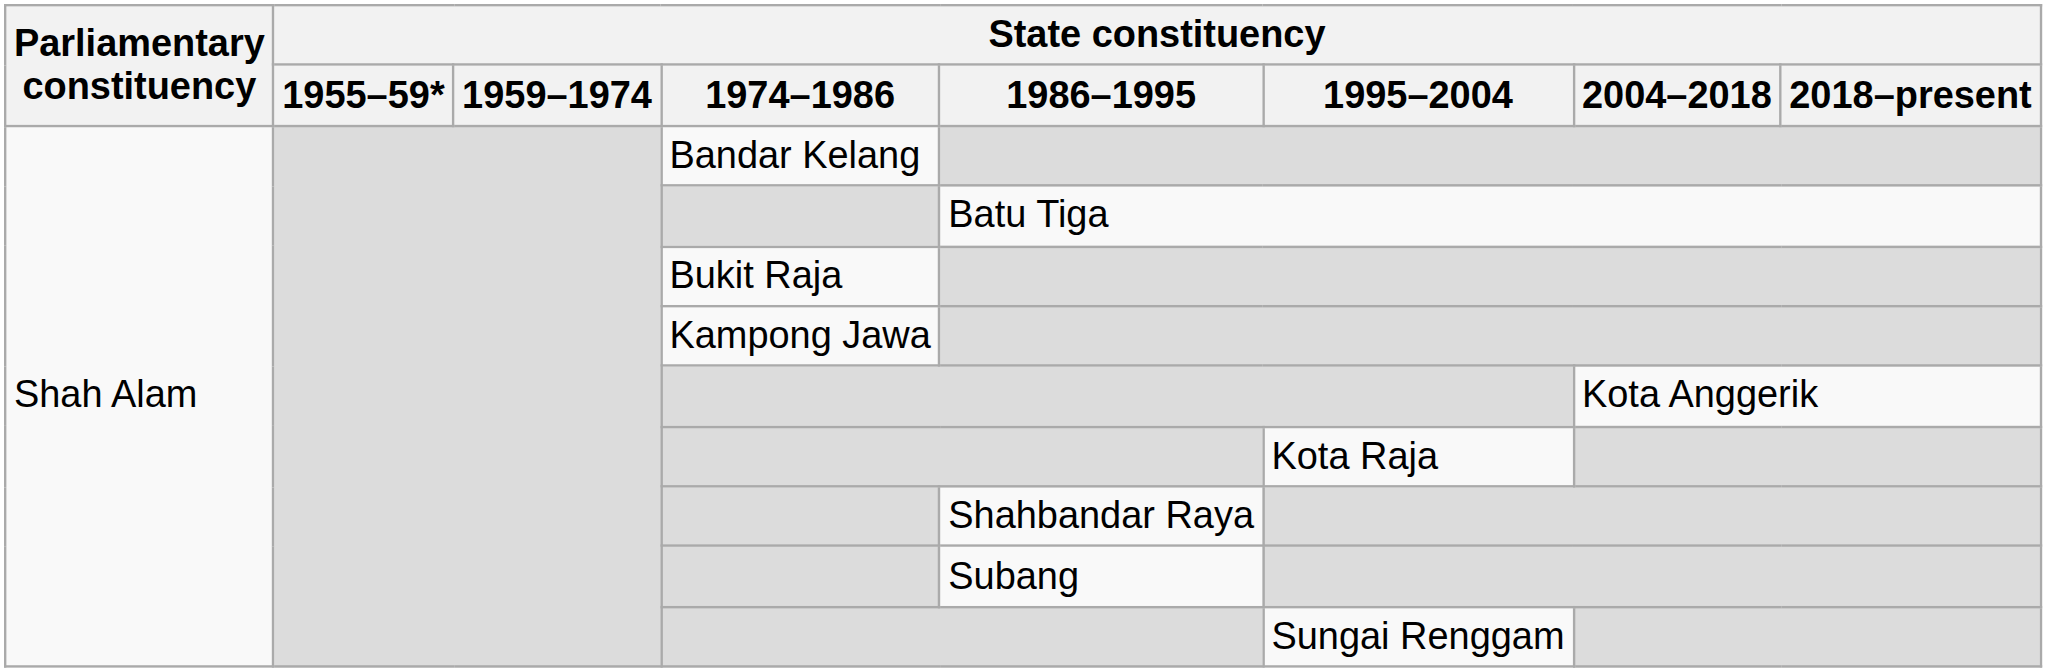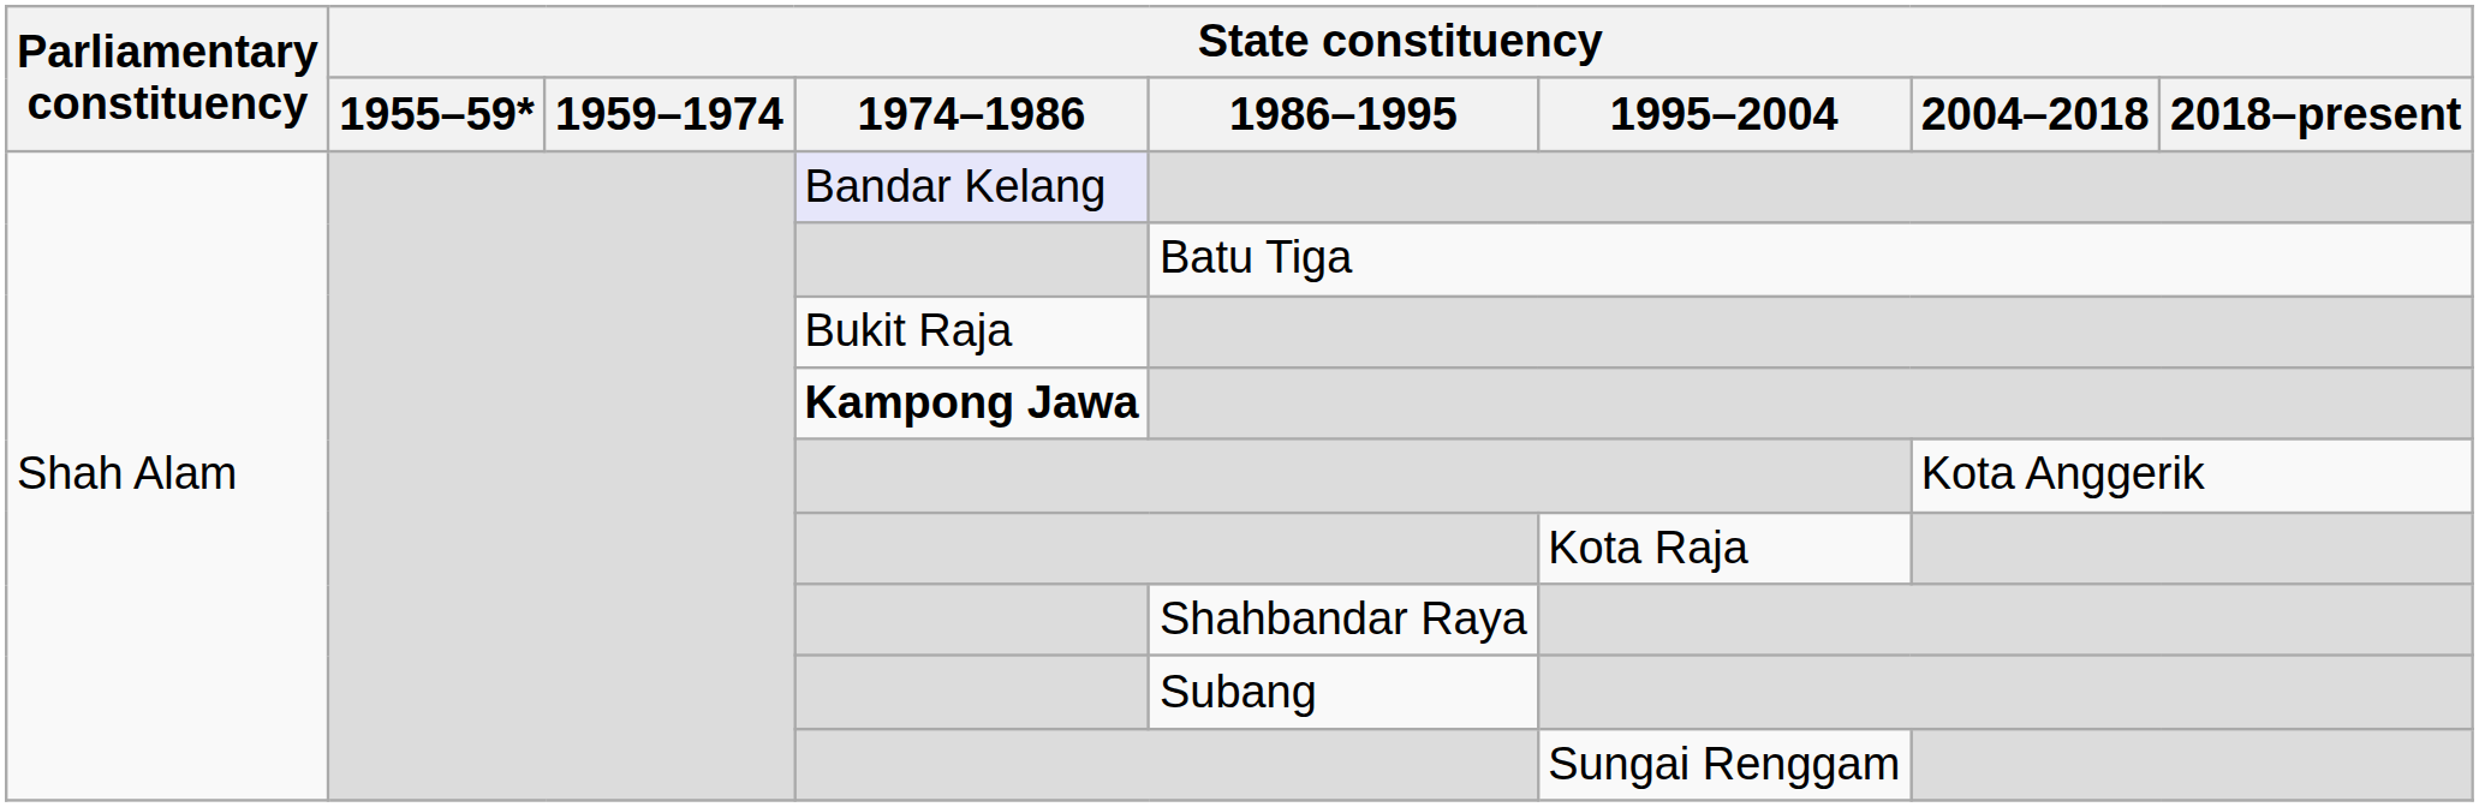 <table class="wikitable">
 <tr>
 <th rowspan="2">Parliamentary<br>constituency</th>
 <th colspan="7">State constituency</th>
 </tr>
 <tr>
 <th>1955–59*</th>
 <th>1959–1974</th>
 <th>1974–1986</th>
 <th>1986–1995</th>
 <th>1995–2004</th>
 <th>2004–2018</th>
 <th>2018–present</th>
 </tr>
 <tr>
 <td rowspan="9">Shah Alam</td>
 <td colspan="2" rowspan="9" bgcolor="dcdcdc"></td>
-<td>Bandar Kelang</td>
+<td style="background: lavender;">Bandar Kelang</td>
 <td colspan="4" bgcolor="dcdcdc"></td>
 </tr>
 <tr>
 <td bgcolor="dcdcdc"></td>
 <td colspan="4">Batu Tiga</td>
 </tr>
 <tr>
 <td>Bukit Raja</td>
 <td colspan="4" bgcolor="dcdcdc"></td>
 </tr>
 <tr>
-<td>Kampong Jawa</td>
+<td><strong>Kampong Jawa</strong></td>
 <td colspan="4" bgcolor="dcdcdc"></td>
 </tr>
 <tr>
 <td colspan="3" bgcolor="dcdcdc"></td>
 <td colspan="2">Kota Anggerik</td>
 </tr>
 <tr>
 <td colspan="2" bgcolor="dcdcdc"></td>
 <td>Kota Raja</td>
 <td colspan="2" bgcolor="dcdcdc"></td>
 </tr>
 <tr>
 <td bgcolor="dcdcdc"></td>
 <td>Shahbandar Raya</td>
 <td colspan="3" bgcolor="dcdcdc"></td>
 </tr>
 <tr>
 <td bgcolor="dcdcdc"></td>
 <td>Subang</td>
 <td colspan="3" bgcolor="dcdcdc"></td>
 </tr>
 <tr>
 <td colspan="2" bgcolor="dcdcdc"></td>
 <td>Sungai Renggam</td>
 <td colspan="2" bgcolor="dcdcdc"></td>
 </tr>
 </table>
